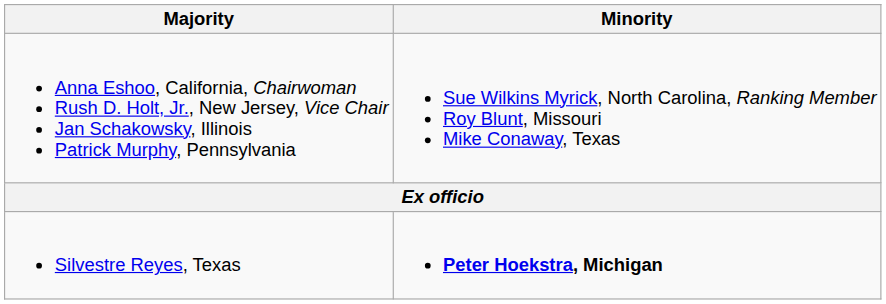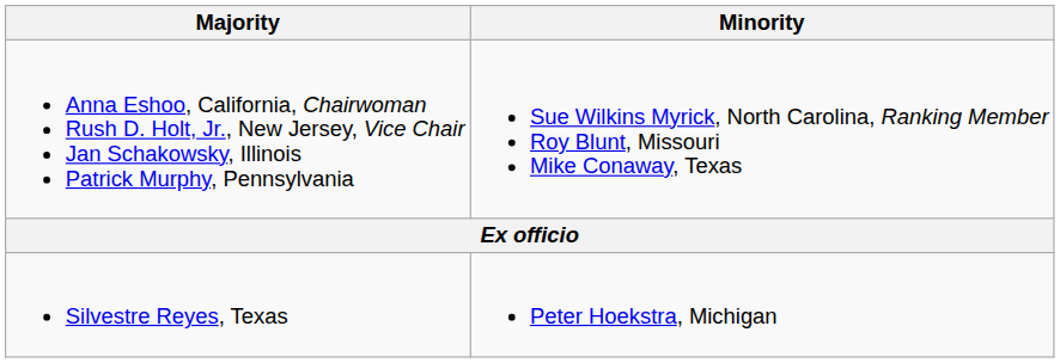 <table class=wikitable>
 <tr>
 <th>Majority</th>
 <th>Minority</th>
 </tr>
 <tr>
 <td><br><ul><li><a href='#'>Anna Eshoo</a>, California, <em>Chairwoman</em></li><li><a href='#'>Rush D. Holt, Jr.</a>, New Jersey, <em>Vice Chair</em></li><li><a href='#'>Jan Schakowsky</a>, Illinois</li><li><a href='#'>Patrick Murphy</a>, Pennsylvania</li></ul></td>
 <td><br><ul><li><a href='#'>Sue Wilkins Myrick</a>, North Carolina, <em>Ranking Member</em></li><li><a href='#'>Roy Blunt</a>, Missouri</li><li><a href='#'>Mike Conaway</a>, Texas</li></ul></td>
 </tr>
 <tr>
 <th colspan=2><em>Ex officio</em></th>
 </tr>
 <tr>
 <td><br><ul><li><a href='#'>Silvestre Reyes</a>, Texas</li></ul></td>
-<td><strong><br><ul><li><a href='#'>Peter Hoekstra</a>, Michigan</li></ul></strong></td>
+<td><br><ul><li><a href='#'>Peter Hoekstra</a>, Michigan</li></ul></td>
 </tr>
 </table>
